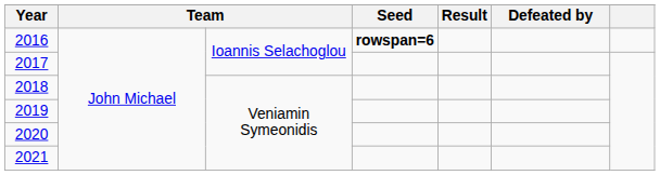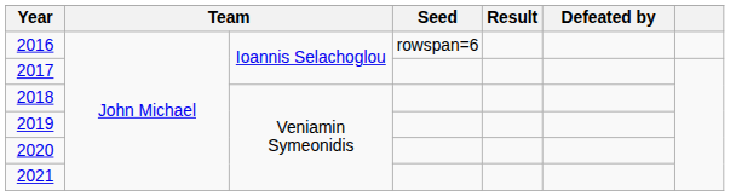 <table class="wikitable" style="text-align: center;">
 <tr style= "background: #e2e2e2;">
 </tr>
 <tr style="background: #efefef;">
 <th width=50px>Year</th>
 <th colspan="2">Team</th>
 <th width=50px>Seed</th>
 <th width=50px>Result</th>
 <th width=120px>Defeated by</th>
 <th width=40px></th>
 </tr>
 <tr>
 <td><a href='#'>2016</a></td>
 <td rowspan=6 width=150px><a href='#'>John Michael</a></td>
 <td rowspan=2 width=150px><a href='#'>Ioannis Selachoglou</a></td>
-<td><strong>rowspan=6 </strong></td>
+<td>rowspan=6 </td>
 <td></td>
 <td> </td>
 <td></td>
 </tr>
 <tr>
 <td><a href='#'>2017</a></td>
 <td></td>
 <td> </td>
 <td></td>
 </tr>
 <tr>
 <td><a href='#'>2018</a></td>
 <td rowspan=4>Veniamin Symeonidis</td>
 <td></td>
 <td> </td>
 <td></td>
 </tr>
 <tr>
 <td><a href='#'>2019</a></td>
 <td></td>
 <td> </td>
 <td></td>
 </tr>
 <tr>
 <td><a href='#'>2020</a></td>
 <td></td>
 <td> </td>
 <td></td>
 </tr>
 <tr>
 <td><a href='#'>2021</a></td>
 <td></td>
 <td> </td>
 <td></td>
 </tr>
 </table>
